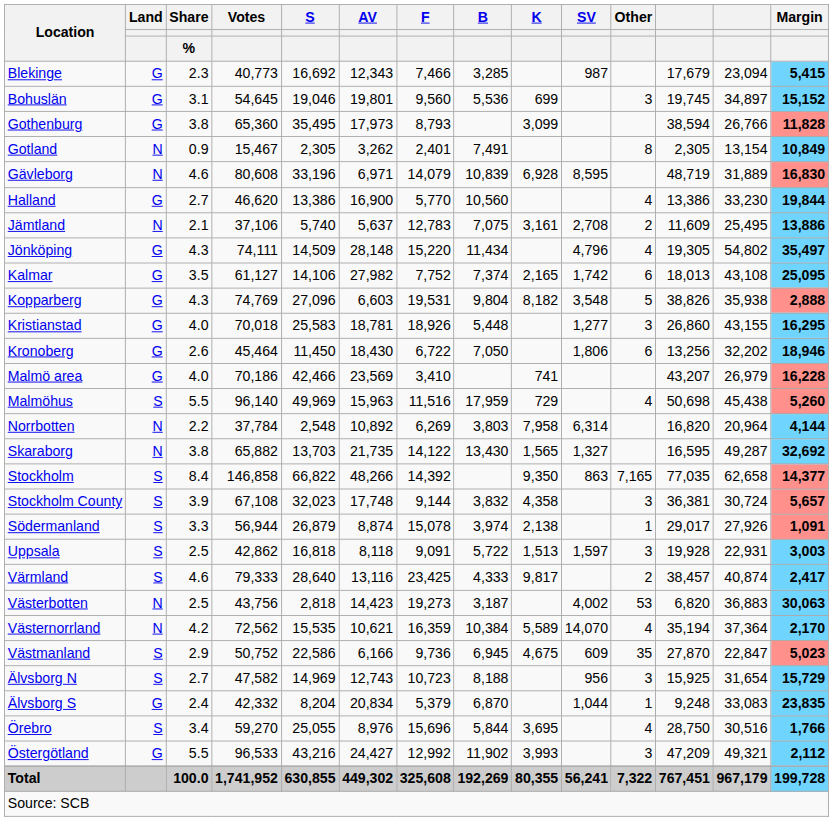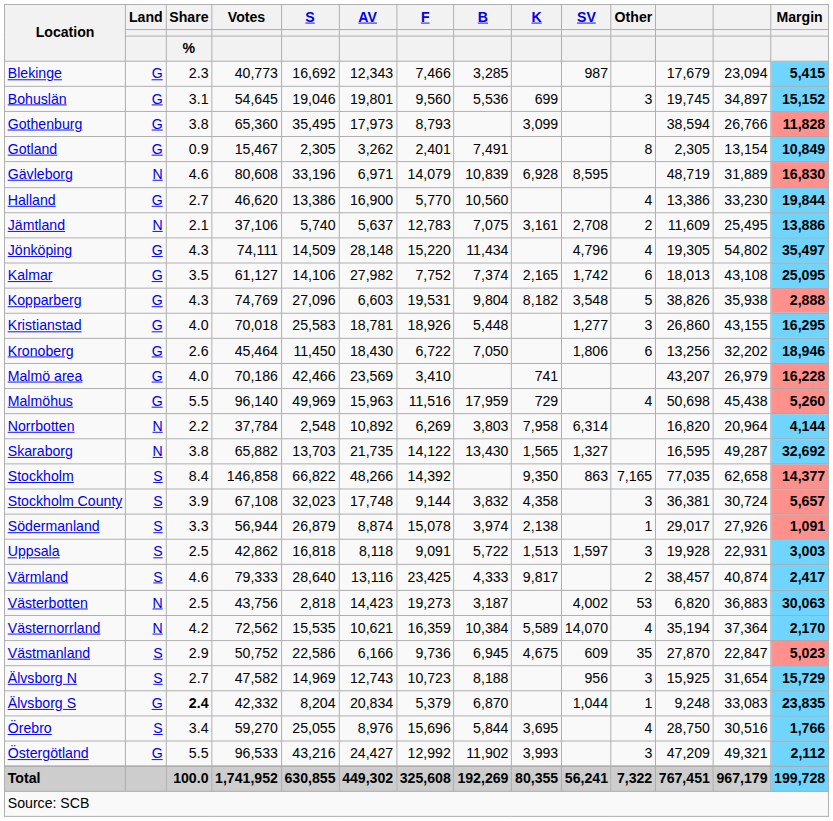 <table class="wikitable sortable" style="text-align:right; font-size:95%; line-height:20px;">
 <tr>
 <th rowspan="3">Location</th>
 <th>Land</th>
 <th>Share</th>
 <th>Votes</th>
 <th width="30px" class="unsortable"><a href='#'>S</a></th>
 <th width="30px" class="unsortable"><a href='#'>AV</a></th>
 <th width="30px" class="unsortable"><a href='#'>F</a></th>
 <th width="30px" class="unsortable"><a href='#'>B</a></th>
 <th width="30px" class="unsortable"><a href='#'>K</a></th>
 <th width="30px" class="unsortable"><a href='#'>SV</a></th>
 <th width="30px" class="unsortable">Other</th>
 <th></th>
 <th></th>
 <th>Margin</th>
 </tr>
 <tr>
 <th></th>
 <th></th>
 <th></th>
 <th style="background:"></th>
 <th style="background:"></th>
 <th style="background:"></th>
 <th style="background:"></th>
 <th style="background:"></th>
 <th style="background:"></th>
 <th style="background:"></th>
 <th style="background:"></th>
 <th style="background:"></th>
 <th></th>
 </tr>
 <tr>
 <th></th>
 <th data-sort-type="number">%</th>
 <th></th>
 <th data-sort-type="number"></th>
 <th data-sort-type="number"></th>
 <th data-sort-type="number"></th>
 <th data-sort-type="number"></th>
 <th data-sort-type="number"></th>
 <th data-sort-type="number"></th>
 <th data-sort-type="number"></th>
 <th data-sort-type="number"></th>
 <th data-sort-type="number"></th>
 <th></th>
 </tr>
 <tr>
 <td align=left><a href='#'>Blekinge</a></td>
 <td><a href='#'>G</a></td>
 <td>2.3</td>
 <td>40,773</td>
 <td>16,692</td>
 <td>12,343</td>
 <td>7,466</td>
 <td>3,285</td>
 <td></td>
 <td>987</td>
 <td></td>
 <td>17,679</td>
 <td>23,094</td>
 <td bgcolor=#6fd5fe><strong>5,415</strong></td>
 </tr>
 <tr>
 <td align=left><a href='#'>Bohuslän</a></td>
 <td><a href='#'>G</a></td>
 <td>3.1</td>
 <td>54,645</td>
 <td>19,046</td>
 <td>19,801</td>
 <td>9,560</td>
 <td>5,536</td>
 <td>699</td>
 <td></td>
 <td>3</td>
 <td>19,745</td>
 <td>34,897</td>
 <td bgcolor=#6fd5fe><strong>15,152</strong></td>
 </tr>
 <tr>
 <td align=left><a href='#'>Gothenburg</a></td>
 <td><a href='#'>G</a></td>
 <td>3.8</td>
 <td>65,360</td>
 <td>35,495</td>
 <td>17,973</td>
 <td>8,793</td>
 <td></td>
 <td>3,099</td>
 <td></td>
 <td></td>
 <td>38,594</td>
 <td>26,766</td>
 <td bgcolor=#ff908c><strong>11,828</strong></td>
 </tr>
 <tr>
 <td align=left><a href='#'>Gotland</a></td>
-<td><a href='#'>N</a></td>
+<td><a href='#'>G</a></td>
 <td>0.9</td>
 <td>15,467</td>
 <td>2,305</td>
 <td>3,262</td>
 <td>2,401</td>
 <td>7,491</td>
 <td></td>
 <td></td>
 <td>8</td>
 <td>2,305</td>
 <td>13,154</td>
 <td bgcolor=#6fd5fe><strong>10,849</strong></td>
 </tr>
 <tr>
 <td align=left><a href='#'>Gävleborg</a></td>
 <td><a href='#'>N</a></td>
 <td>4.6</td>
 <td>80,608</td>
 <td>33,196</td>
 <td>6,971</td>
 <td>14,079</td>
 <td>10,839</td>
 <td>6,928</td>
 <td>8,595</td>
 <td></td>
 <td>48,719</td>
 <td>31,889</td>
 <td bgcolor=#ff908c><strong>16,830</strong></td>
 </tr>
 <tr>
 <td align=left><a href='#'>Halland</a></td>
 <td><a href='#'>G</a></td>
 <td>2.7</td>
 <td>46,620</td>
 <td>13,386</td>
 <td>16,900</td>
 <td>5,770</td>
 <td>10,560</td>
 <td></td>
 <td></td>
 <td>4</td>
 <td>13,386</td>
 <td>33,230</td>
 <td bgcolor=#6fd5fe><strong>19,844</strong></td>
 </tr>
 <tr>
 <td align=left><a href='#'>Jämtland</a></td>
 <td><a href='#'>N</a></td>
 <td>2.1</td>
 <td>37,106</td>
 <td>5,740</td>
 <td>5,637</td>
 <td>12,783</td>
 <td>7,075</td>
 <td>3,161</td>
 <td>2,708</td>
 <td>2</td>
 <td>11,609</td>
 <td>25,495</td>
 <td bgcolor=#6fd5fe><strong>13,886</strong></td>
 </tr>
 <tr>
 <td align=left><a href='#'>Jönköping</a></td>
 <td><a href='#'>G</a></td>
 <td>4.3</td>
 <td>74,111</td>
 <td>14,509</td>
 <td>28,148</td>
 <td>15,220</td>
 <td>11,434</td>
 <td></td>
 <td>4,796</td>
 <td>4</td>
 <td>19,305</td>
 <td>54,802</td>
 <td bgcolor=#6fd5fe><strong>35,497</strong></td>
 </tr>
 <tr>
 <td align=left><a href='#'>Kalmar</a></td>
 <td><a href='#'>G</a></td>
 <td>3.5</td>
 <td>61,127</td>
 <td>14,106</td>
 <td>27,982</td>
 <td>7,752</td>
 <td>7,374</td>
 <td>2,165</td>
 <td>1,742</td>
 <td>6</td>
 <td>18,013</td>
 <td>43,108</td>
 <td bgcolor=#6fd5fe><strong>25,095</strong></td>
 </tr>
 <tr>
 <td align=left><a href='#'>Kopparberg</a></td>
 <td><a href='#'>G</a></td>
 <td>4.3</td>
 <td>74,769</td>
 <td>27,096</td>
 <td>6,603</td>
 <td>19,531</td>
 <td>9,804</td>
 <td>8,182</td>
 <td>3,548</td>
 <td>5</td>
 <td>38,826</td>
 <td>35,938</td>
 <td bgcolor=#ff908c><strong>2,888</strong></td>
 </tr>
 <tr>
 <td align=left><a href='#'>Kristianstad</a></td>
 <td><a href='#'>G</a></td>
 <td>4.0</td>
 <td>70,018</td>
 <td>25,583</td>
 <td>18,781</td>
 <td>18,926</td>
 <td>5,448</td>
 <td></td>
 <td>1,277</td>
 <td>3</td>
 <td>26,860</td>
 <td>43,155</td>
 <td bgcolor=#6fd5fe><strong>16,295</strong></td>
 </tr>
 <tr>
 <td align=left><a href='#'>Kronoberg</a></td>
 <td><a href='#'>G</a></td>
 <td>2.6</td>
 <td>45,464</td>
 <td>11,450</td>
 <td>18,430</td>
 <td>6,722</td>
 <td>7,050</td>
 <td></td>
 <td>1,806</td>
 <td>6</td>
 <td>13,256</td>
 <td>32,202</td>
 <td bgcolor=#6fd5fe><strong>18,946</strong></td>
 </tr>
 <tr>
 <td align=left><a href='#'>Malmö area</a></td>
 <td><a href='#'>G</a></td>
 <td>4.0</td>
 <td>70,186</td>
 <td>42,466</td>
 <td>23,569</td>
 <td>3,410</td>
 <td></td>
 <td>741</td>
 <td></td>
 <td></td>
 <td>43,207</td>
 <td>26,979</td>
 <td bgcolor=#ff908c><strong>16,228</strong></td>
 </tr>
 <tr>
 <td align=left><a href='#'>Malmöhus</a></td>
-<td><a href='#'>S</a></td>
+<td><a href='#'>G</a></td>
 <td>5.5</td>
 <td>96,140</td>
 <td>49,969</td>
 <td>15,963</td>
 <td>11,516</td>
 <td>17,959</td>
 <td>729</td>
 <td></td>
 <td>4</td>
 <td>50,698</td>
 <td>45,438</td>
 <td bgcolor=#ff908c><strong>5,260</strong></td>
 </tr>
 <tr>
 <td align=left><a href='#'>Norrbotten</a></td>
 <td><a href='#'>N</a></td>
 <td>2.2</td>
 <td>37,784</td>
 <td>2,548</td>
 <td>10,892</td>
 <td>6,269</td>
 <td>3,803</td>
 <td>7,958</td>
 <td>6,314</td>
 <td></td>
 <td>16,820</td>
 <td>20,964</td>
 <td bgcolor=#6fd5fe><strong>4,144</strong></td>
 </tr>
 <tr>
 <td align=left><a href='#'>Skaraborg</a></td>
 <td><a href='#'>N</a></td>
 <td>3.8</td>
 <td>65,882</td>
 <td>13,703</td>
 <td>21,735</td>
 <td>14,122</td>
 <td>13,430</td>
 <td>1,565</td>
 <td>1,327</td>
 <td></td>
 <td>16,595</td>
 <td>49,287</td>
 <td bgcolor=#6fd5fe><strong>32,692</strong></td>
 </tr>
 <tr>
 <td align=left><a href='#'>Stockholm</a></td>
 <td><a href='#'>S</a></td>
 <td>8.4</td>
 <td>146,858</td>
 <td>66,822</td>
 <td>48,266</td>
 <td>14,392</td>
 <td></td>
 <td>9,350</td>
 <td>863</td>
 <td>7,165</td>
 <td>77,035</td>
 <td>62,658</td>
 <td bgcolor=#ff908c><strong>14,377</strong></td>
 </tr>
 <tr>
 <td align=left><a href='#'>Stockholm County</a></td>
 <td><a href='#'>S</a></td>
 <td>3.9</td>
 <td>67,108</td>
 <td>32,023</td>
 <td>17,748</td>
 <td>9,144</td>
 <td>3,832</td>
 <td>4,358</td>
 <td></td>
 <td>3</td>
 <td>36,381</td>
 <td>30,724</td>
 <td bgcolor=#ff908c><strong>5,657</strong></td>
 </tr>
 <tr>
 <td align=left><a href='#'>Södermanland</a></td>
 <td><a href='#'>S</a></td>
 <td>3.3</td>
 <td>56,944</td>
 <td>26,879</td>
 <td>8,874</td>
 <td>15,078</td>
 <td>3,974</td>
 <td>2,138</td>
 <td></td>
 <td>1</td>
 <td>29,017</td>
 <td>27,926</td>
 <td bgcolor=#ff908c><strong>1,091</strong></td>
 </tr>
 <tr>
 <td align=left><a href='#'>Uppsala</a></td>
 <td><a href='#'>S</a></td>
 <td>2.5</td>
 <td>42,862</td>
 <td>16,818</td>
 <td>8,118</td>
 <td>9,091</td>
 <td>5,722</td>
 <td>1,513</td>
 <td>1,597</td>
 <td>3</td>
 <td>19,928</td>
 <td>22,931</td>
 <td bgcolor=#6fd5fe><strong>3,003</strong></td>
 </tr>
 <tr>
 <td align=left><a href='#'>Värmland</a></td>
 <td><a href='#'>S</a></td>
 <td>4.6</td>
 <td>79,333</td>
 <td>28,640</td>
 <td>13,116</td>
 <td>23,425</td>
 <td>4,333</td>
 <td>9,817</td>
 <td></td>
 <td>2</td>
 <td>38,457</td>
 <td>40,874</td>
 <td bgcolor=#6fd5fe><strong>2,417</strong></td>
 </tr>
 <tr>
 <td align=left><a href='#'>Västerbotten</a></td>
 <td><a href='#'>N</a></td>
 <td>2.5</td>
 <td>43,756</td>
 <td>2,818</td>
 <td>14,423</td>
 <td>19,273</td>
 <td>3,187</td>
 <td></td>
 <td>4,002</td>
 <td>53</td>
 <td>6,820</td>
 <td>36,883</td>
 <td bgcolor=#6fd5fe><strong>30,063</strong></td>
 </tr>
 <tr>
 <td align=left><a href='#'>Västernorrland</a></td>
 <td><a href='#'>N</a></td>
 <td>4.2</td>
 <td>72,562</td>
 <td>15,535</td>
 <td>10,621</td>
 <td>16,359</td>
 <td>10,384</td>
 <td>5,589</td>
 <td>14,070</td>
 <td>4</td>
 <td>35,194</td>
 <td>37,364</td>
 <td bgcolor=#6fd5fe><strong>2,170</strong></td>
 </tr>
 <tr>
 <td align=left><a href='#'>Västmanland</a></td>
 <td><a href='#'>S</a></td>
 <td>2.9</td>
 <td>50,752</td>
 <td>22,586</td>
 <td>6,166</td>
 <td>9,736</td>
 <td>6,945</td>
 <td>4,675</td>
 <td>609</td>
 <td>35</td>
 <td>27,870</td>
 <td>22,847</td>
 <td bgcolor=#ff908c><strong>5,023</strong></td>
 </tr>
 <tr>
 <td align=left><a href='#'>Älvsborg N</a></td>
 <td><a href='#'>S</a></td>
 <td>2.7</td>
 <td>47,582</td>
 <td>14,969</td>
 <td>12,743</td>
 <td>10,723</td>
 <td>8,188</td>
 <td></td>
 <td>956</td>
 <td>3</td>
 <td>15,925</td>
 <td>31,654</td>
 <td bgcolor=#6fd5fe><strong>15,729</strong></td>
 </tr>
 <tr>
 <td align=left><a href='#'>Älvsborg S</a></td>
 <td><a href='#'>G</a></td>
-<td>2.4</td>
+<td><strong>2.4</strong></td>
 <td>42,332</td>
 <td>8,204</td>
 <td>20,834</td>
 <td>5,379</td>
 <td>6,870</td>
 <td></td>
 <td>1,044</td>
 <td>1</td>
 <td>9,248</td>
 <td>33,083</td>
 <td bgcolor=#6fd5fe><strong>23,835</strong></td>
 </tr>
 <tr>
 <td align=left><a href='#'>Örebro</a></td>
 <td><a href='#'>S</a></td>
 <td>3.4</td>
 <td>59,270</td>
 <td>25,055</td>
 <td>8,976</td>
 <td>15,696</td>
 <td>5,844</td>
 <td>3,695</td>
 <td></td>
 <td>4</td>
 <td>28,750</td>
 <td>30,516</td>
 <td bgcolor=#6fd5fe><strong>1,766</strong></td>
 </tr>
 <tr>
 <td align=left><a href='#'>Östergötland</a></td>
 <td><a href='#'>G</a></td>
 <td>5.5</td>
 <td>96,533</td>
 <td>43,216</td>
 <td>24,427</td>
 <td>12,992</td>
 <td>11,902</td>
 <td>3,993</td>
 <td></td>
 <td>3</td>
 <td>47,209</td>
 <td>49,321</td>
 <td bgcolor=#6fd5fe><strong>2,112</strong></td>
 </tr>
 <tr>
 </tr>
 <tr style="background:#CDCDCD;">
 <td align=left><strong>Total</strong></td>
 <td></td>
 <td><strong>100.0</strong></td>
 <td><strong>1,741,952</strong></td>
 <td><strong>630,855</strong></td>
 <td><strong>449,302</strong></td>
 <td><strong>325,608</strong></td>
 <td><strong>192,269</strong></td>
 <td><strong>80,355</strong></td>
 <td><strong>56,241</strong></td>
 <td><strong>7,322</strong></td>
 <td><strong>767,451</strong></td>
 <td><strong>967,179</strong></td>
 <td bgcolor=#6fd5fe><strong>199,728</strong></td>
 </tr>
 <tr>
 <td align=left colspan=14>Source: SCB </td>
 </tr>
 </table>
